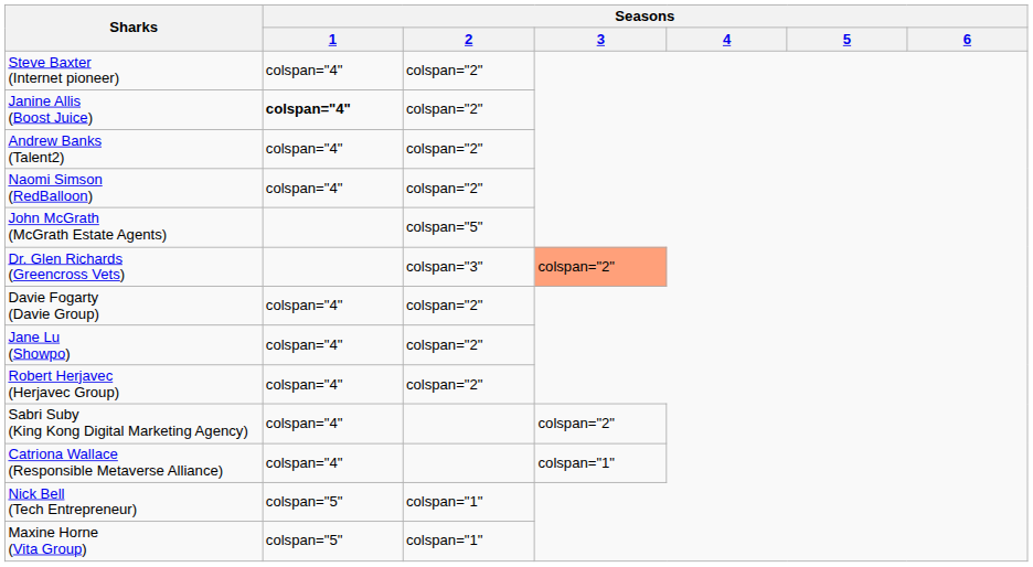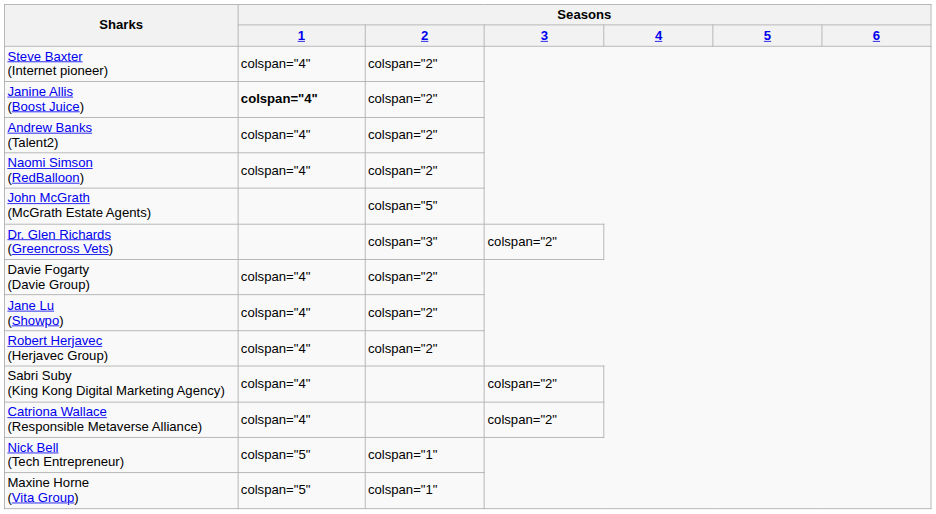 <table class="wikitable plainrowheaders" style="width:57%;">
 <tr>
 <th scope="col" rowspan="2" style="width:15%;">Sharks</th>
 <th scope="col" colspan="6">Seasons</th>
 </tr>
 <tr>
 <th scope="col" style="width:7%;"><a href='#'>1</a></th>
 <th scope="col" style="width:7%;"><a href='#'>2</a></th>
 <th scope="col" style="width:7%;"><a href='#'>3</a></th>
 <th scope="col" style="width:7%;"><a href='#'>4</a></th>
 <th scope="col" style="width:7%;"><a href='#'>5</a></th>
 <th scope="col" style="width:7%;"><a href='#'>6</a></th>
 </tr>
 <tr>
 <td scope="row"><a href='#'>Steve Baxter</a><br>(Internet pioneer)</td>
 <td>colspan="4" </td>
 <td>colspan="2" </td>
 </tr>
 <tr>
 <td scope="row"><a href='#'>Janine Allis</a><br>(<a href='#'>Boost Juice</a>)</td>
 <td><strong>colspan="4" </strong></td>
 <td>colspan="2" </td>
 </tr>
 <tr>
 <td scope="row"><a href='#'>Andrew Banks</a><br>(Talent2)</td>
 <td>colspan="4" </td>
 <td>colspan="2" </td>
 </tr>
 <tr>
 <td scope="row"><a href='#'>Naomi Simson</a><br>(<a href='#'>RedBalloon</a>)</td>
 <td>colspan="4" </td>
 <td>colspan="2" </td>
 </tr>
 <tr>
 <td><a href='#'>John McGrath</a> <br> (McGrath Estate Agents)</td>
 <td></td>
 <td>colspan="5" </td>
 </tr>
 <tr>
 <td scope="row"><a href='#'>Dr. Glen Richards</a><br>(<a href='#'>Greencross Vets</a>)</td>
 <td></td>
 <td>colspan="3" </td>
-<td style="background: lightsalmon;">colspan="2" </td>
+<td>colspan="2" </td>
 </tr>
 <tr>
 <td>Davie Fogarty<br>(Davie Group)</td>
 <td>colspan="4" </td>
 <td>colspan="2" </td>
 </tr>
 <tr>
 <td><a href='#'>Jane Lu</a><br>(<a href='#'>Showpo</a>)</td>
 <td>colspan="4" </td>
 <td>colspan="2" </td>
 </tr>
 <tr>
 <td><a href='#'>Robert Herjavec</a><br>(Herjavec Group)</td>
 <td>colspan="4" </td>
 <td>colspan="2" </td>
 </tr>
 <tr>
 <td>Sabri Suby<br>(King Kong Digital Marketing Agency)</td>
 <td>colspan="4" </td>
 <td></td>
 <td>colspan="2" </td>
 </tr>
 <tr>
 <td><a href='#'>Catriona Wallace</a><br>(Responsible Metaverse Alliance)</td>
 <td>colspan="4" </td>
 <td></td>
-<td>colspan="1" </td>
+<td>colspan="2" </td>
 </tr>
 <tr>
 <td><a href='#'>Nick Bell</a><br>(Tech Entrepreneur)</td>
 <td>colspan="5" </td>
 <td>colspan="1" </td>
 </tr>
 <tr>
 <td>Maxine Horne<br>(<a href='#'>Vita Group</a>)</td>
 <td>colspan="5" </td>
 <td>colspan="1" </td>
 </tr>
 </table>
